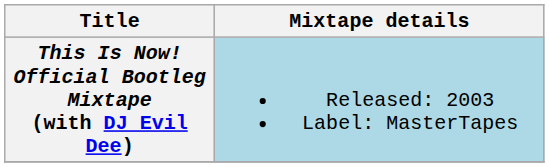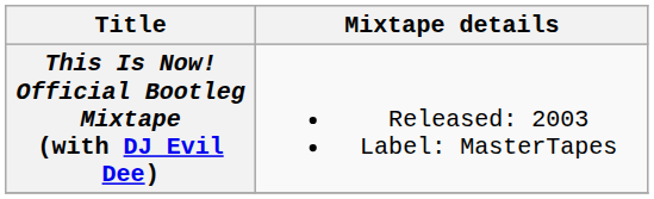 <table class="wikitable plainrowheaders" style="text-align:center;">
 <tr>
 <th scope="col" style="width:10em;">Title</th>
 <th scope="col" style="width:16em;">Mixtape details</th>
 </tr>
 <tr>
 <th scope="row"><em>This Is Now! Official Bootleg Mixtape</em><br><span>(with <a href='#'>DJ Evil Dee</a>)</span></th>
-<td style="background: lightblue;"><br><ul><li>Released: 2003</li><li>Label: MasterTapes</li></ul></td>
+<td><br><ul><li>Released: 2003</li><li>Label: MasterTapes</li></ul></td>
 </tr>
 <tr>
 </tr>
 </table>
